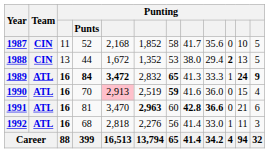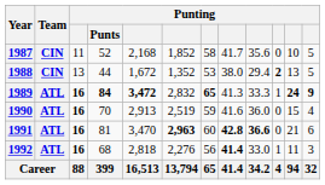 <table class=wikitable style="text-align:center;">
 <tr>
 <th rowspan="2">Year</th>
 <th rowspan="2">Team</th>
 <th colspan="10">Punting</th>
 </tr>
 <tr>
 <th></th>
 <th>Punts</th>
 <th></th>
 <th></th>
 <th></th>
 <th></th>
 <th></th>
 <th></th>
 <th></th>
 <th></th>
 </tr>
 <tr>
 <th><a href='#'>1987</a></th>
 <th><a href='#'>CIN</a></th>
 <td>11</td>
 <td>52</td>
 <td>2,168</td>
 <td>1,852</td>
 <td>58</td>
 <td>41.7</td>
 <td>35.6</td>
 <td>0</td>
 <td>10</td>
 <td>5</td>
 </tr>
 <tr>
 <th><a href='#'>1988</a></th>
 <th><a href='#'>CIN</a></th>
 <td>13</td>
 <td>44</td>
 <td>1,672</td>
 <td>1,352</td>
 <td>53</td>
 <td>38.0</td>
 <td>29.4</td>
 <td><strong>2</strong></td>
 <td>13</td>
 <td>5</td>
 </tr>
 <tr>
 <th><a href='#'>1989</a></th>
 <th><a href='#'>ATL</a></th>
 <td><strong>16</strong></td>
 <td><strong>84</strong></td>
 <td><strong>3,472</strong></td>
 <td>2,832</td>
 <td><strong>65</strong></td>
 <td>41.3</td>
 <td>33.3</td>
 <td>1</td>
 <td><strong>24</strong></td>
 <td><strong>9</strong></td>
 </tr>
 <tr>
 <th><a href='#'>1990</a></th>
 <th><a href='#'>ATL</a></th>
 <td><strong>16</strong></td>
 <td>70</td>
-<td style="background: pink;">2,913</td>
+<td>2,913</td>
 <td>2,519</td>
-<td><strong>59</strong></td>
+<td>59</td>
 <td>41.6</td>
 <td>36.0</td>
 <td>0</td>
 <td>15</td>
 <td>4</td>
 </tr>
 <tr>
 <th><a href='#'>1991</a></th>
 <th><a href='#'>ATL</a></th>
 <td><strong>16</strong></td>
 <td>81</td>
 <td>3,470</td>
 <td><strong>2,963</strong></td>
 <td>60</td>
 <td><strong>42.8</strong></td>
 <td><strong>36.6</strong></td>
 <td>0</td>
 <td>21</td>
 <td>6</td>
 </tr>
 <tr>
 <th><a href='#'>1992</a></th>
 <th><a href='#'>ATL</a></th>
 <td><strong>16</strong></td>
 <td>68</td>
 <td>2,818</td>
 <td>2,276</td>
 <td>56</td>
-<td>41.4</td>
+<td><strong>41.4</strong></td>
 <td>33.0</td>
 <td>1</td>
 <td>11</td>
 <td>3</td>
 </tr>
 <tr>
 <th colspan="2">Career</th>
 <th>88</th>
 <th>399</th>
 <th>16,513</th>
 <th>13,794</th>
 <th>65</th>
 <th>41.4</th>
 <th>34.2</th>
 <th>4</th>
 <th>94</th>
 <th>32</th>
 </tr>
 </table>
